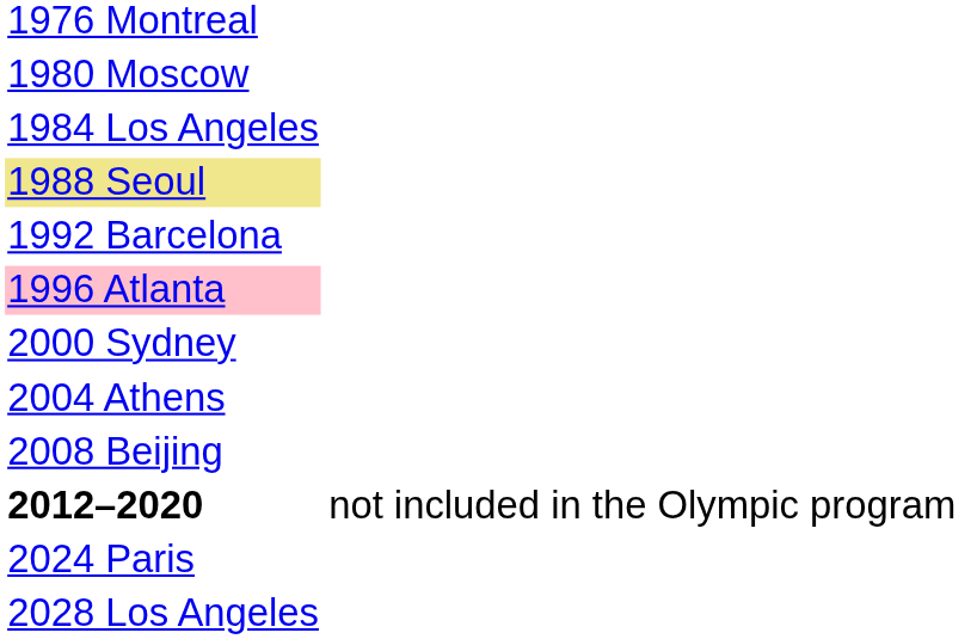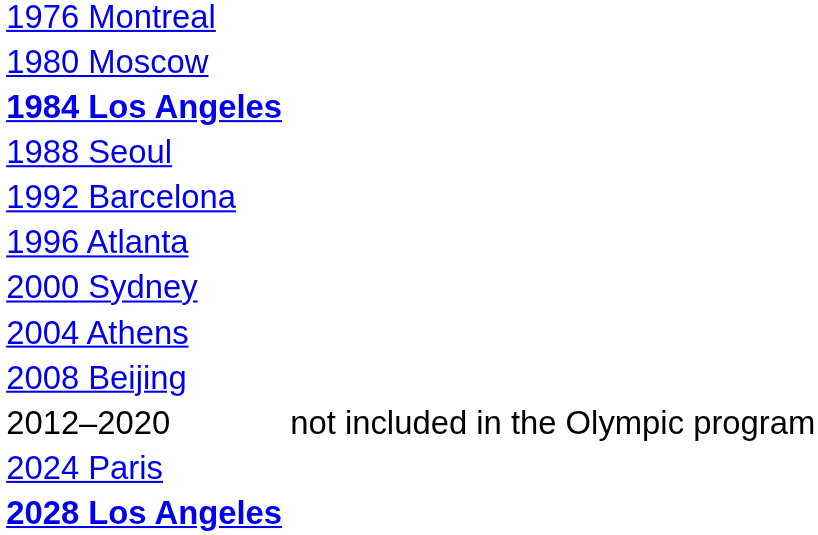 <table>
 <tr valign="top">
 <td><a href='#'>1976 Montreal</a><br></td>
 <td></td>
 <td></td>
 <td></td>
 </tr>
 <tr>
 <td><a href='#'>1980 Moscow</a><br></td>
 <td></td>
 <td></td>
 <td></td>
 </tr>
 <tr>
-<td><a href='#'>1984 Los Angeles</a><br></td>
+<td><strong><a href='#'>1984 Los Angeles</a><br></strong></td>
 <td></td>
 <td></td>
 <td></td>
 </tr>
 <tr>
-<td style="background: khaki;"><a href='#'>1988 Seoul</a><br></td>
+<td><a href='#'>1988 Seoul</a><br></td>
 <td></td>
 <td></td>
 <td></td>
 </tr>
 <tr>
 <td><a href='#'>1992 Barcelona</a><br></td>
 <td></td>
 <td></td>
 <td></td>
 </tr>
 <tr>
-<td style="background: pink;"><a href='#'>1996 Atlanta</a><br></td>
+<td><a href='#'>1996 Atlanta</a><br></td>
 <td></td>
 <td></td>
 <td></td>
 </tr>
 <tr>
 <td><a href='#'>2000 Sydney</a><br></td>
 <td></td>
 <td></td>
 <td></td>
 </tr>
 <tr>
 <td><a href='#'>2004 Athens</a><br></td>
 <td></td>
 <td></td>
 <td></td>
 </tr>
 <tr>
 <td><a href='#'>2008 Beijing</a><br></td>
 <td></td>
 <td></td>
 <td></td>
 </tr>
 <tr>
-<td><strong>2012–2020</strong></td>
+<td>2012–2020</td>
 <td colspan=3 align=center>not included in the Olympic program</td>
 </tr>
 <tr>
 <td><a href='#'>2024 Paris</a> <br></td>
 <td></td>
 <td></td>
 <td></td>
 </tr>
 <tr>
-<td><a href='#'>2028 Los Angeles</a> <br></td>
+<td><strong><a href='#'>2028 Los Angeles</a> <br></strong></td>
 <td></td>
 <td></td>
 <td></td>
 </tr>
 <tr>
 </tr>
 </table>
